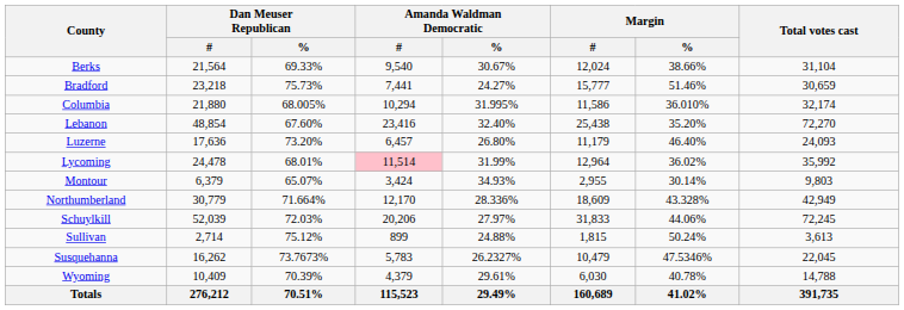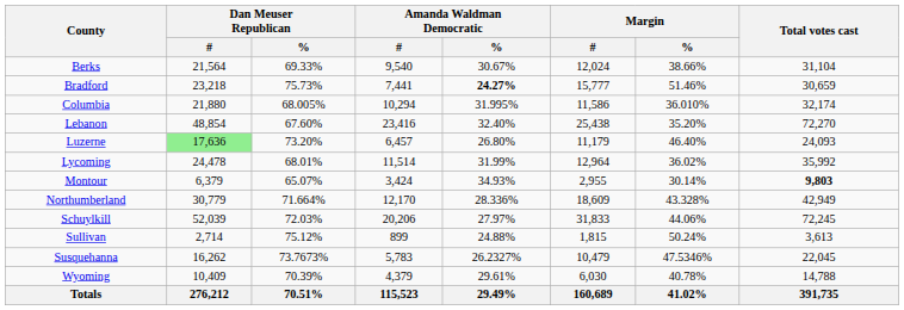 <table width="60%"  class="wikitable sortable" style="text-align:center">
 <tr>
 <th rowspan="2">County</th>
 <th style="text-align:center;" colspan="2">Dan Meuser<br>Republican</th>
 <th style="text-align:center;" colspan="2">Amanda Waldman<br>Democratic</th>
 <th style="text-align:center;" colspan="2">Margin</th>
 <th rowspan="2" style="text-align:center;">Total votes cast</th>
 </tr>
 <tr>
 <th style="text-align:center;" data-sort-type="number">#</th>
 <th style="text-align:center;" data-sort-type="number">%</th>
 <th style="text-align:center;" data-sort-type="number">#</th>
 <th style="text-align:center;" data-sort-type="number">%</th>
 <th style="text-align:center;" data-sort-type="number">#</th>
 <th style="text-align:center;" data-sort-type="number">%</th>
 </tr>
 <tr style="text-align:center;">
 <td><a href='#'>Berks</a></td>
 <td>21,564</td>
 <td>69.33%</td>
 <td>9,540</td>
 <td>30.67%</td>
 <td>12,024</td>
 <td>38.66%</td>
 <td>31,104</td>
 </tr>
 <tr style="text-align:center;">
 <td><a href='#'>Bradford</a></td>
 <td>23,218</td>
 <td>75.73%</td>
 <td>7,441</td>
-<td>24.27%</td>
+<td><strong>24.27%</strong></td>
 <td>15,777</td>
 <td>51.46%</td>
 <td>30,659</td>
 </tr>
 <tr style="text-align:center;">
 <td><a href='#'>Columbia</a></td>
 <td>21,880</td>
 <td>68.005%</td>
 <td>10,294</td>
 <td>31.995%</td>
 <td>11,586</td>
 <td>36.010%</td>
 <td>32,174</td>
 </tr>
 <tr style="text-align:center;">
 <td><a href='#'>Lebanon</a></td>
 <td>48,854</td>
 <td>67.60%</td>
 <td>23,416</td>
 <td>32.40%</td>
 <td>25,438</td>
 <td>35.20%</td>
 <td>72,270</td>
 </tr>
 <tr style="text-align:center;">
 <td><a href='#'>Luzerne</a></td>
-<td>17,636</td>
+<td style="background: lightgreen;">17,636</td>
 <td>73.20%</td>
 <td>6,457</td>
 <td>26.80%</td>
 <td>11,179</td>
 <td>46.40%</td>
 <td>24,093</td>
 </tr>
 <tr style="text-align:center;">
 <td><a href='#'>Lycoming</a></td>
 <td>24,478</td>
 <td>68.01%</td>
-<td style="background: pink;">11,514</td>
+<td>11,514</td>
 <td>31.99%</td>
 <td>12,964</td>
 <td>36.02%</td>
 <td>35,992</td>
 </tr>
 <tr style="text-align:center;">
 <td><a href='#'>Montour</a></td>
 <td>6,379</td>
 <td>65.07%</td>
 <td>3,424</td>
 <td>34.93%</td>
 <td>2,955</td>
 <td>30.14%</td>
-<td>9,803</td>
+<td><strong>9,803</strong></td>
 </tr>
 <tr style="text-align:center;">
 <td><a href='#'>Northumberland</a></td>
 <td>30,779</td>
 <td>71.664%</td>
 <td>12,170</td>
 <td>28.336%</td>
 <td>18,609</td>
 <td>43.328%</td>
 <td>42,949</td>
 </tr>
 <tr style="text-align:center;">
 <td><a href='#'>Schuylkill</a></td>
 <td>52,039</td>
 <td>72.03%</td>
 <td>20,206</td>
 <td>27.97%</td>
 <td>31,833</td>
 <td>44.06%</td>
 <td>72,245</td>
 </tr>
 <tr style="text-align:center;">
 <td><a href='#'>Sullivan</a></td>
 <td>2,714</td>
 <td>75.12%</td>
 <td>899</td>
 <td>24.88%</td>
 <td>1,815</td>
 <td>50.24%</td>
 <td>3,613</td>
 </tr>
 <tr style="text-align:center;">
 <td><a href='#'>Susquehanna</a></td>
 <td>16,262</td>
 <td>73.7673%</td>
 <td>5,783</td>
 <td>26.2327%</td>
 <td>10,479</td>
 <td>47.5346%</td>
 <td>22,045</td>
 </tr>
 <tr style="text-align:center;">
 <td><a href='#'>Wyoming</a></td>
 <td>10,409</td>
 <td>70.39%</td>
 <td>4,379</td>
 <td>29.61%</td>
 <td>6,030</td>
 <td>40.78%</td>
 <td>14,788</td>
 </tr>
 <tr style="text-align:center;">
 <th>Totals</th>
 <th>276,212</th>
 <th>70.51%</th>
 <th>115,523</th>
 <th>29.49%</th>
 <th>160,689</th>
 <th>41.02%</th>
 <th>391,735</th>
 </tr>
 </table>
